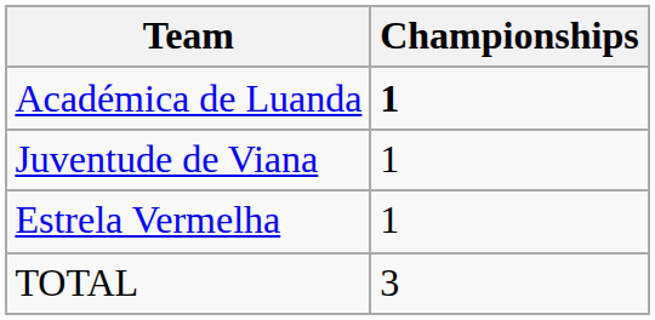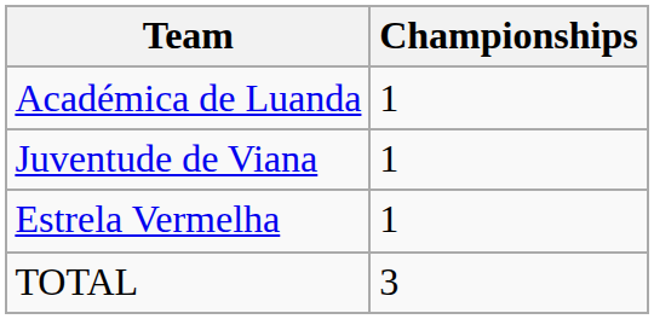 <table class="wikitable">
 <tr>
 <th>Team</th>
 <th>Championships</th>
 </tr>
 <tr>
 <td><a href='#'>Académica de Luanda</a></td>
-<td><strong>1</strong></td>
+<td>1</td>
 </tr>
 <tr>
 <td><a href='#'>Juventude de Viana</a></td>
 <td>1</td>
 </tr>
 <tr>
 <td><a href='#'>Estrela Vermelha</a></td>
 <td>1</td>
 </tr>
 <tr>
 <td>TOTAL</td>
 <td>3</td>
 </tr>
 </table>
